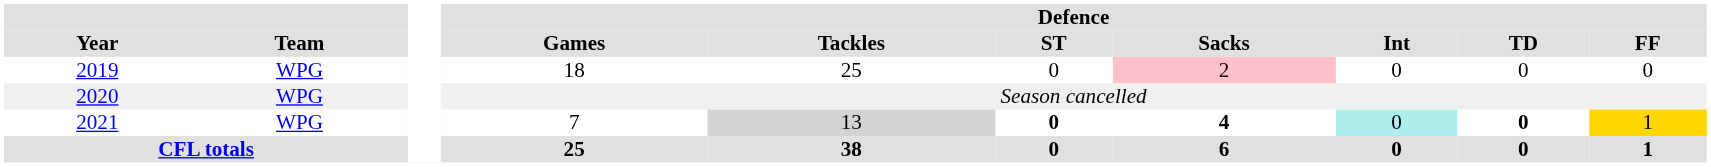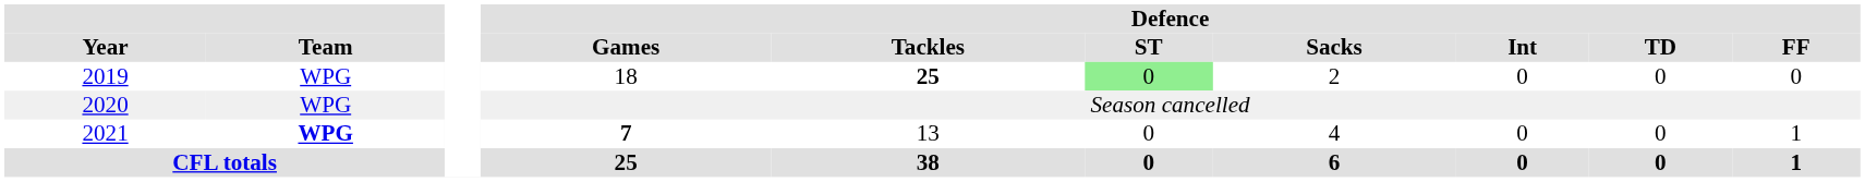 <table BORDER="0" CELLPADDING="1" CELLSPACING="0" width="65%" style="text-align:center">
 <tr bgcolor="#e0e0e0">
 <th colspan="2"></th>
 <th rowspan="100" bgcolor="#ffffff"> </th>
 <th colspan="7">Defence</th>
 </tr>
 <tr bgcolor="#e0e0e0">
 <th>Year</th>
 <th>Team</th>
 <th>Games</th>
 <th>Tackles</th>
 <th>ST</th>
 <th>Sacks</th>
 <th>Int</th>
 <th>TD</th>
 <th>FF</th>
 </tr>
 <tr ALIGN="center">
 <td><a href='#'>2019</a></td>
 <td><a href='#'>WPG</a></td>
 <td>18</td>
-<td>25</td>
-<td>0</td>
-<td style="background: pink;">2</td>
+<td><strong>25</strong></td>
+<td style="background: lightgreen;">0</td>
+<td>2</td>
 <td>0</td>
 <td>0</td>
 <td>0</td>
 </tr>
 <tr ALIGN="center" bgcolor="#f0f0f0">
 <td><a href='#'>2020</a></td>
 <td><a href='#'>WPG</a></td>
 <td colspan="10"><em>Season cancelled</em></td>
 </tr>
 <tr ALIGN="center">
 <td><a href='#'>2021</a></td>
-<td><a href='#'>WPG</a></td>
-<td>7</td>
-<td style="background: lightgrey;">13</td>
-<td><strong>0</strong></td>
-<td><strong>4</strong></td>
-<td style="background: paleturquoise;">0</td>
-<td><strong>0</strong></td>
-<td style="background: gold;">1</td>
+<td><strong><a href='#'>WPG</a></strong></td>
+<td><strong>7</strong></td>
+<td>13</td>
+<td>0</td>
+<td>4</td>
+<td>0</td>
+<td>0</td>
+<td>1</td>
 </tr>
 <tr bgcolor="#e0e0e0">
 <th colspan="2"><a href='#'>CFL totals</a></th>
 <th>25</th>
 <th>38</th>
 <th>0</th>
 <th>6</th>
 <th>0</th>
 <th>0</th>
 <th>1</th>
 </tr>
 </table>
